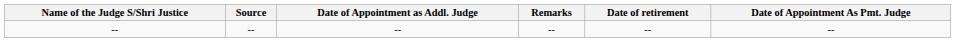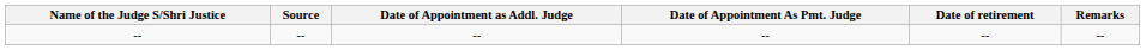 <table class="wikitable static-row-numbers static-row-header" style="text-align:center" width="92%">
 <tr>
 <th>Name of the Judge S/Shri Justice</th>
 <th>Source</th>
 <th>Date of Appointment as Addl. Judge</th>
+<th>Date of Appointment As Pmt. Judge</th>
+<th>Date of retirement</th>
 <th>Remarks</th>
-<th>Date of retirement</th>
-<th>Date of Appointment As Pmt. Judge</th>
 </tr>
 <tr>
 <td>--</td>
 <td>--</td>
 <td>--</td>
 <td>--</td>
 <td>--</td>
 <td>--</td>
 </tr>
 </table>
